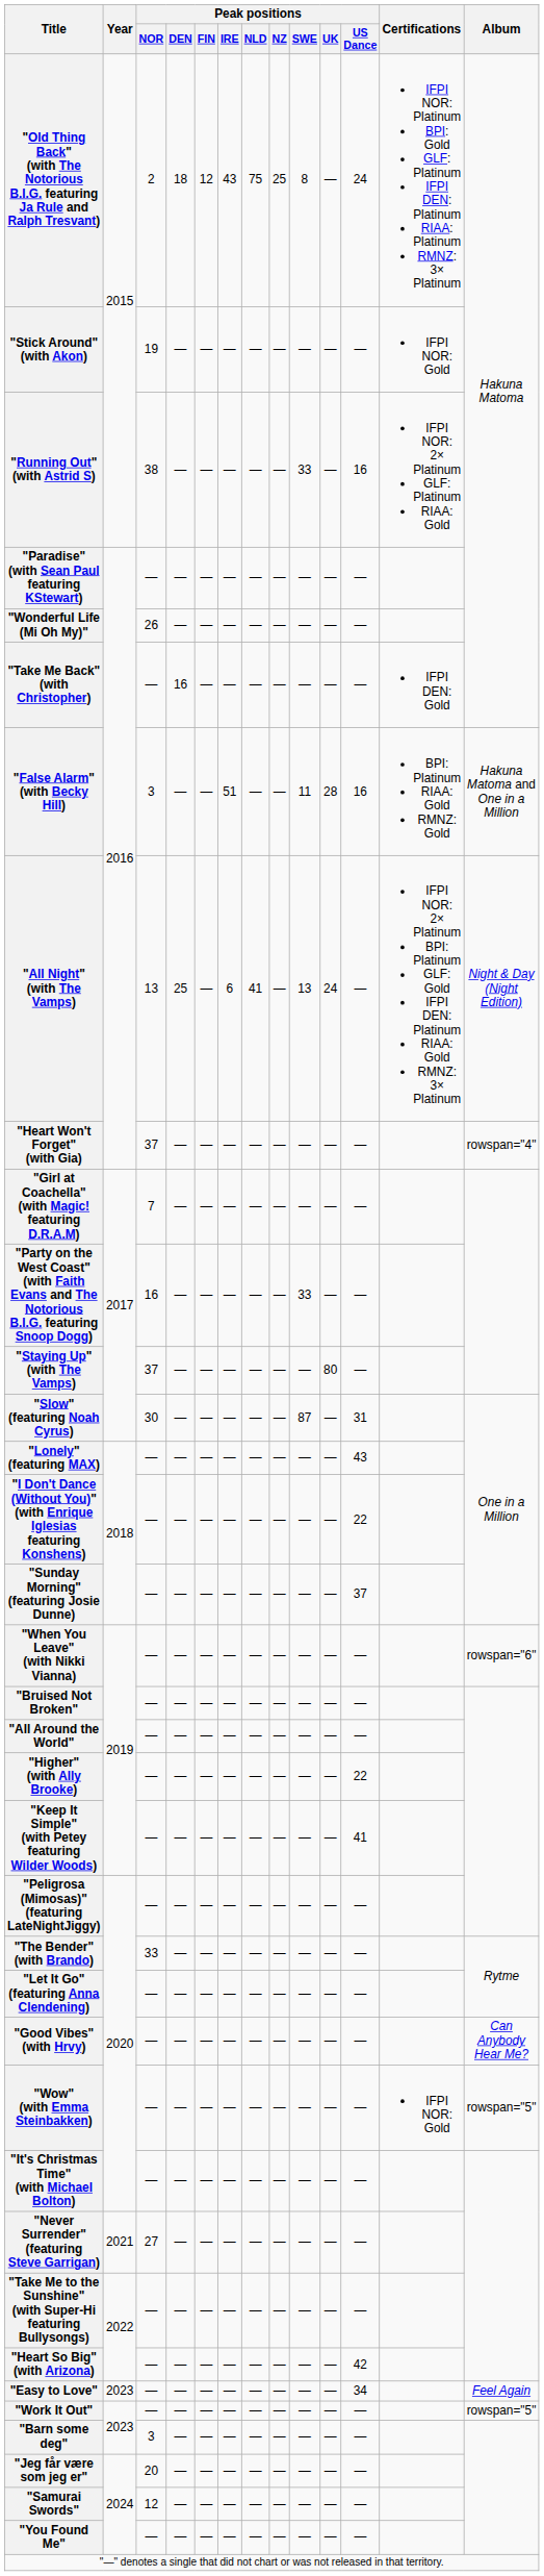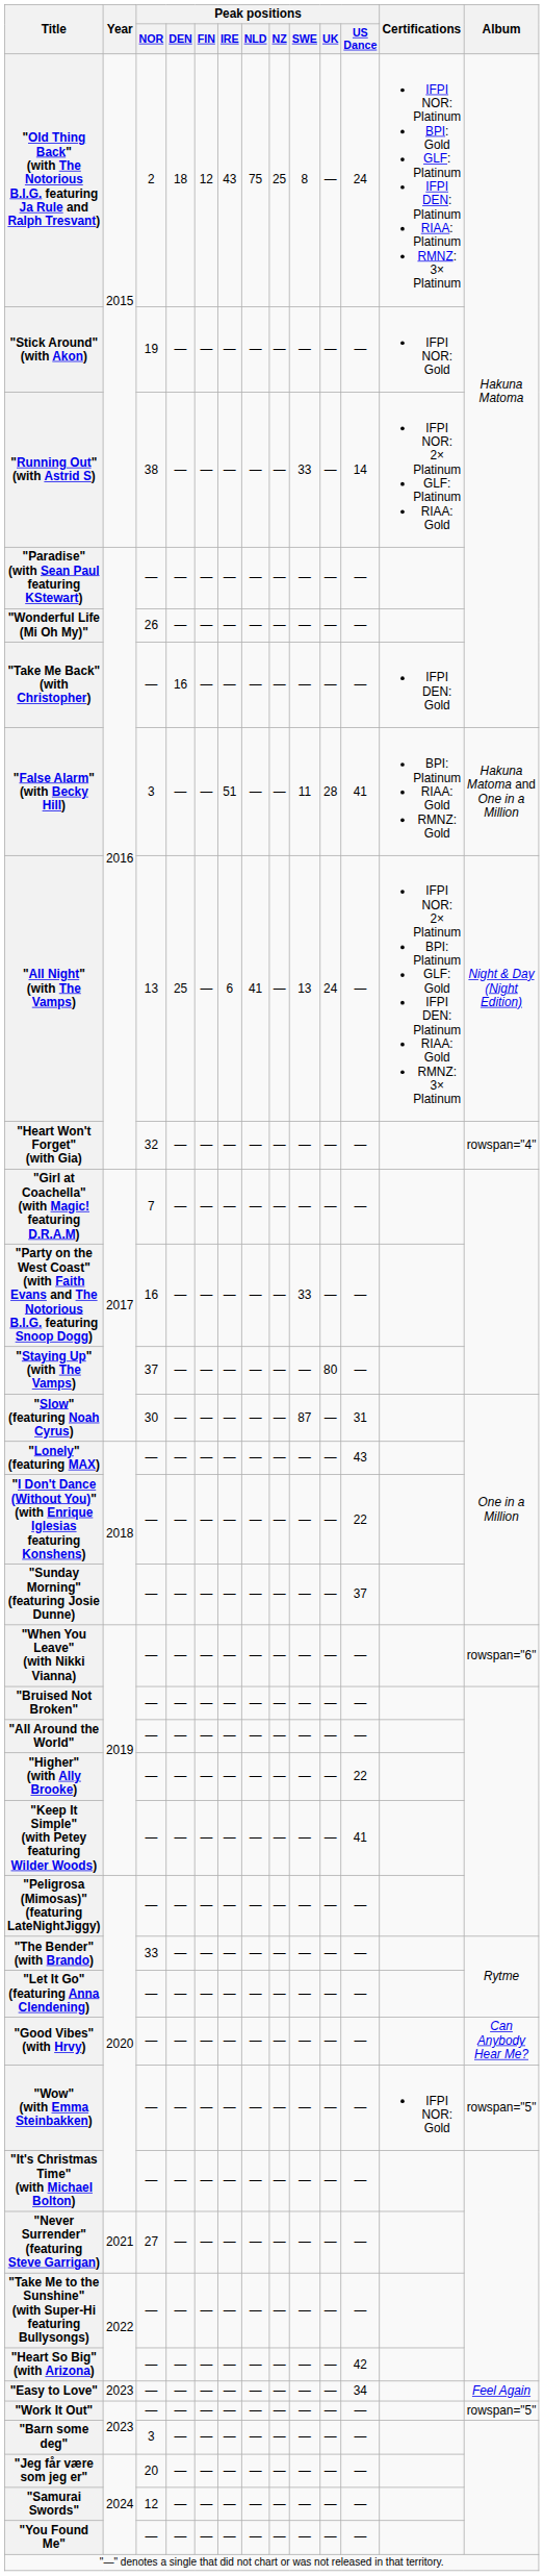 <table class="wikitable plainrowheaders" style="text-align:center;">
 <tr>
 <th rowspan="2">Title</th>
 <th rowspan="2">Year</th>
 <th colspan="9">Peak positions</th>
 <th rowspan="2" style="width:14em;">Certifications</th>
 <th rowspan="2">Album</th>
 </tr>
 <tr>
 <th scope="col" style="width:2.5em;font-size:90%;"><a href='#'>NOR</a><br></th>
 <th scope="col" style="width:2.5em;font-size:90%;"><a href='#'>DEN</a><br></th>
 <th scope="col" style="width:2.5em;font-size:90%;"><a href='#'>FIN</a><br></th>
 <th scope="col" style="width:2.5em;font-size:90%;"><a href='#'>IRE</a><br></th>
 <th scope="col" style="width:2.5em;font-size:90%;"><a href='#'>NLD</a><br></th>
 <th scope="col" style="width:2.5em;font-size:90%;"><a href='#'>NZ</a><br></th>
 <th scope="col" style="width:2.5em;font-size:90%;"><a href='#'>SWE</a><br></th>
 <th scope="col" style="width:2.5em;font-size:90%;"><a href='#'>UK</a><br></th>
 <th scope="col" style="width:2.5em;font-size:90%;"><a href='#'>US<br>Dance</a><br></th>
 </tr>
 <tr>
 <th scope="row">"<a href='#'>Old Thing Back</a>"<br><span>(with <a href='#'>The Notorious B.I.G.</a> featuring <a href='#'>Ja Rule</a> and <a href='#'>Ralph Tresvant</a>)</span></th>
 <td rowspan=3>2015</td>
 <td>2</td>
 <td>18</td>
 <td>12</td>
 <td>43</td>
 <td>75</td>
 <td>25</td>
 <td>8</td>
 <td>—</td>
 <td>24</td>
 <td><br><ul><li><a href='#'>IFPI</a> NOR: Platinum</li><li><a href='#'>BPI</a>: Gold</li><li><a href='#'>GLF</a>: Platinum</li><li><a href='#'>IFPI DEN</a>: Platinum</li><li><a href='#'>RIAA</a>: Platinum</li><li><a href='#'>RMNZ</a>: 3× Platinum</li></ul></td>
 <td rowspan="6"><em>Hakuna Matoma</em></td>
 </tr>
 <tr>
 <th scope="row">"Stick Around"<br><span>(with <a href='#'>Akon</a>)</span></th>
 <td>19</td>
 <td>—</td>
 <td>—</td>
 <td>—</td>
 <td>—</td>
 <td>—</td>
 <td>—</td>
 <td>—</td>
 <td>—</td>
 <td><br><ul><li>IFPI NOR: Gold</li></ul></td>
 </tr>
 <tr>
 <th scope="row">"<a href='#'>Running Out</a>"<br><span>(with <a href='#'>Astrid S</a>)</span></th>
 <td>38<br></td>
 <td>—</td>
 <td>—</td>
 <td>—</td>
 <td>—</td>
 <td>—</td>
 <td>33</td>
 <td>—</td>
-<td>16</td>
+<td>14</td>
 <td><br><ul><li>IFPI NOR: 2× Platinum</li><li>GLF: Platinum</li><li>RIAA: Gold</li></ul></td>
 </tr>
 <tr>
 <th scope="row">"Paradise"<br><span>(with <a href='#'>Sean Paul</a> featuring <a href='#'>KStewart</a>)</span></th>
 <td rowspan="6">2016</td>
 <td>—</td>
 <td>—</td>
 <td>—</td>
 <td>—</td>
 <td>—</td>
 <td>—</td>
 <td>—</td>
 <td>—</td>
 <td>—</td>
 <td></td>
 </tr>
 <tr>
 <th scope="row">"Wonderful Life (Mi Oh My)"</th>
 <td>26</td>
 <td>—</td>
 <td>—</td>
 <td>—</td>
 <td>—</td>
 <td>—</td>
 <td>—</td>
 <td>—</td>
 <td>—</td>
 <td></td>
 </tr>
 <tr>
 <th scope="row">"Take Me Back"<br><span>(with <a href='#'>Christopher</a>)</span></th>
 <td>—</td>
 <td>16</td>
 <td>—</td>
 <td>—</td>
 <td>—</td>
 <td>—</td>
 <td>—</td>
 <td>—</td>
 <td>—</td>
 <td><br><ul><li>IFPI DEN: Gold</li></ul></td>
 </tr>
 <tr>
 <th scope="row">"<a href='#'>False Alarm</a>"<br><span>(with <a href='#'>Becky Hill</a>)</span></th>
 <td>3</td>
 <td>—</td>
 <td>—</td>
 <td>51<br></td>
 <td>—</td>
 <td>—</td>
 <td>11</td>
 <td>28</td>
-<td>16</td>
+<td>41</td>
 <td><br><ul><li>BPI: Platinum</li><li>RIAA: Gold</li><li>RMNZ: Gold</li></ul></td>
 <td><em>Hakuna Matoma</em> and <em>One in a Million</em></td>
 </tr>
 <tr>
 <th scope="row">"<a href='#'>All Night</a>"<br><span>(with <a href='#'>The Vamps</a>)</span></th>
 <td>13<br></td>
 <td>25<br></td>
 <td>—</td>
 <td>6<br></td>
 <td>41</td>
 <td>—</td>
 <td>13</td>
 <td>24</td>
 <td>—</td>
 <td><br><ul><li>IFPI NOR: 2× Platinum</li><li>BPI: Platinum</li><li>GLF: Gold</li><li>IFPI DEN: Platinum</li><li>RIAA: Gold</li><li>RMNZ: 3× Platinum</li></ul></td>
 <td><em><a href='#'>Night & Day (Night Edition)</a></em></td>
 </tr>
 <tr>
 <th scope="row">"Heart Won't Forget"<br><span>(with Gia)</span></th>
-<td>37<br></td>
+<td>32</td>
 <td>—</td>
 <td>—</td>
 <td>—</td>
 <td>—</td>
 <td>—</td>
 <td>—</td>
 <td>—</td>
 <td>—</td>
 <td></td>
 <td>rowspan="4" </td>
 </tr>
 <tr>
 <th scope="row">"Girl at Coachella"<br><span>(with <a href='#'>Magic!</a> featuring <a href='#'>D.R.A.M</a>)</span></th>
 <td rowspan="4">2017</td>
 <td>7</td>
 <td>—</td>
 <td>—</td>
 <td>—</td>
 <td>—</td>
 <td>—</td>
 <td>—</td>
 <td>—</td>
 <td>—</td>
 <td></td>
 </tr>
 <tr>
 <th scope="row">"Party on the West Coast"<br><span>(with <a href='#'>Faith Evans</a> and <a href='#'>The Notorious B.I.G.</a> featuring <a href='#'>Snoop Dogg</a>)</span></th>
 <td>16<br></td>
 <td>—</td>
 <td>—</td>
 <td>—</td>
 <td>—</td>
 <td>—</td>
 <td>33</td>
 <td>—</td>
 <td>—</td>
 <td></td>
 </tr>
 <tr>
 <th scope="row">"<a href='#'>Staying Up</a>"<br><span>(with <a href='#'>The Vamps</a>)</span></th>
 <td>37<br></td>
 <td>—</td>
 <td>—</td>
 <td>—</td>
 <td>—</td>
 <td>—</td>
 <td>—</td>
 <td>80</td>
 <td>—</td>
 <td></td>
 </tr>
 <tr>
 <th scope="row">"<a href='#'>Slow</a>"<br><span>(featuring <a href='#'>Noah Cyrus</a>)</span></th>
 <td>30<br></td>
 <td>—</td>
 <td>—</td>
 <td>—</td>
 <td>—</td>
 <td>—</td>
 <td>87</td>
 <td>—</td>
 <td>31</td>
 <td></td>
 <td rowspan="4"><em>One in a Million</em></td>
 </tr>
 <tr>
 <th scope="row">"<a href='#'>Lonely</a>"<br><span>(featuring <a href='#'>MAX</a>)</span></th>
 <td rowspan="3">2018</td>
 <td>—</td>
 <td>—</td>
 <td>—</td>
 <td>—</td>
 <td>—</td>
 <td>—</td>
 <td>—</td>
 <td>—</td>
 <td>43</td>
 <td></td>
 </tr>
 <tr>
 <th scope="row">"<a href='#'>I Don't Dance (Without You)</a>" <br><span>(with <a href='#'>Enrique Iglesias</a> featuring <a href='#'>Konshens</a>)</span></th>
 <td>—</td>
 <td>—</td>
 <td>—</td>
 <td>—</td>
 <td>—</td>
 <td>—</td>
 <td>—</td>
 <td>—</td>
 <td>22</td>
 <td></td>
 </tr>
 <tr>
 <th scope="row">"Sunday Morning" <br><span>(featuring Josie Dunne)</span></th>
 <td>—</td>
 <td>—</td>
 <td>—</td>
 <td>—</td>
 <td>—</td>
 <td>—</td>
 <td>—</td>
 <td>—</td>
 <td>37</td>
 <td></td>
 </tr>
 <tr>
 <th scope="row">"When You Leave" <br><span>(with Nikki Vianna)</span></th>
 <td rowspan="5">2019</td>
 <td>—</td>
 <td>—</td>
 <td>—</td>
 <td>—</td>
 <td>—</td>
 <td>—</td>
 <td>—</td>
 <td>—</td>
 <td>—</td>
 <td></td>
 <td>rowspan="6" </td>
 </tr>
 <tr>
 <th scope="row">"Bruised Not Broken" <br></th>
 <td>—</td>
 <td>—</td>
 <td>—</td>
 <td>—</td>
 <td>—</td>
 <td>—</td>
 <td>—</td>
 <td>—</td>
 <td>—</td>
 <td></td>
 </tr>
 <tr>
 <th scope="row">"All Around the World" <br></th>
 <td>—</td>
 <td>—</td>
 <td>—</td>
 <td>—</td>
 <td>—</td>
 <td>—</td>
 <td>—</td>
 <td>—</td>
 <td>—</td>
 <td></td>
 </tr>
 <tr>
 <th scope="row">"Higher"<br><span>(with <a href='#'>Ally Brooke</a>)</span></th>
 <td>—</td>
 <td>—</td>
 <td>—</td>
 <td>—</td>
 <td>—</td>
 <td>—</td>
 <td>—</td>
 <td>—</td>
 <td>22</td>
 <td></td>
 </tr>
 <tr>
 <th scope="row">"Keep It Simple" <br><span>(with Petey featuring <a href='#'>Wilder Woods</a>)</span></th>
 <td>—</td>
 <td>—</td>
 <td>—</td>
 <td>—</td>
 <td>—</td>
 <td>—</td>
 <td>—</td>
 <td>—</td>
 <td>41</td>
 <td></td>
 </tr>
 <tr>
 <th scope="row">"Peligrosa (Mimosas)" <br><span>(featuring LateNightJiggy)</span></th>
 <td rowspan="6">2020</td>
 <td>—</td>
 <td>—</td>
 <td>—</td>
 <td>—</td>
 <td>—</td>
 <td>—</td>
 <td>—</td>
 <td>—</td>
 <td>—</td>
 <td></td>
 </tr>
 <tr>
 <th scope="row">"The Bender" <br><span>(with <a href='#'>Brando</a>)</span></th>
 <td>33<br></td>
 <td>—</td>
 <td>—</td>
 <td>—</td>
 <td>—</td>
 <td>—</td>
 <td>—</td>
 <td>—</td>
 <td>—</td>
 <td></td>
 <td rowspan="2"><em>Rytme</em></td>
 </tr>
 <tr>
 <th scope="row">"Let It Go"<br><span>(featuring <a href='#'>Anna Clendening</a>)</span></th>
 <td>—</td>
 <td>—</td>
 <td>—</td>
 <td>—</td>
 <td>—</td>
 <td>—</td>
 <td>—</td>
 <td>—</td>
 <td>—</td>
 <td></td>
 </tr>
 <tr>
 <th scope="row">"Good Vibes"<br><span>(with <a href='#'>Hrvy</a>)</span></th>
 <td>—</td>
 <td>—</td>
 <td>—</td>
 <td>—</td>
 <td>—</td>
 <td>—</td>
 <td>—</td>
 <td>—</td>
 <td>—</td>
 <td></td>
 <td><em><a href='#'>Can Anybody Hear Me?</a></em></td>
 </tr>
 <tr>
 <th scope="row">"Wow" <br><span>(with <a href='#'>Emma Steinbakken</a>)</span></th>
 <td>—</td>
 <td>—</td>
 <td>—</td>
 <td>—</td>
 <td>—</td>
 <td>—</td>
 <td>—</td>
 <td>—</td>
 <td>—</td>
 <td><br><ul><li>IFPI NOR: Gold</li></ul></td>
 <td>rowspan="5" </td>
 </tr>
 <tr>
 <th scope="row">"It's Christmas Time" <br><span>(with <a href='#'>Michael Bolton</a>)</span></th>
 <td>—</td>
 <td>—</td>
 <td>—</td>
 <td>—</td>
 <td>—</td>
 <td>—</td>
 <td>—</td>
 <td>—</td>
 <td>—</td>
 <td></td>
 </tr>
 <tr>
 <th scope="row">"Never Surrender" <br><span>(featuring <a href='#'>Steve Garrigan</a>)</span></th>
 <td>2021</td>
 <td>27<br></td>
 <td>—</td>
 <td>—</td>
 <td>—</td>
 <td>—</td>
 <td>—</td>
 <td>—</td>
 <td>—</td>
 <td>—</td>
 <td></td>
 </tr>
 <tr>
 <th scope="row">"Take Me to the Sunshine" <br><span>(with Super-Hi featuring Bullysongs)</span></th>
 <td rowspan="2">2022</td>
 <td>—</td>
 <td>—</td>
 <td>—</td>
 <td>—</td>
 <td>—</td>
 <td>—</td>
 <td>—</td>
 <td>—</td>
 <td>—</td>
 <td></td>
 </tr>
 <tr>
 <th scope="row">"Heart So Big" <br><span>(with <a href='#'>Arizona</a>)</span></th>
 <td>—</td>
 <td>—</td>
 <td>—</td>
 <td>—</td>
 <td>—</td>
 <td>—</td>
 <td>—</td>
 <td>—</td>
 <td>42</td>
 <td></td>
 </tr>
 <tr>
 <th scope="row">"Easy to Love"<br></th>
 <td>2023</td>
 <td>—</td>
 <td>—</td>
 <td>—</td>
 <td>—</td>
 <td>—</td>
 <td>—</td>
 <td>—</td>
 <td>—</td>
 <td>34</td>
 <td></td>
 <td><em><a href='#'>Feel Again</a></em></td>
 </tr>
 <tr>
 <th scope="row">"Work It Out"<br></th>
 <td rowspan="2">2023</td>
 <td>—</td>
 <td>—</td>
 <td>—</td>
 <td>—</td>
 <td>—</td>
 <td>—</td>
 <td>—</td>
 <td>—</td>
 <td>—</td>
 <td></td>
 <td>rowspan="5" </td>
 </tr>
 <tr>
 <th scope="row">"Barn some deg"<br></th>
 <td>3<br></td>
 <td>—</td>
 <td>—</td>
 <td>—</td>
 <td>—</td>
 <td>—</td>
 <td>—</td>
 <td>—</td>
 <td>—</td>
 <td></td>
 </tr>
 <tr>
 <th scope="row">"Jeg får være som jeg er"<br></th>
 <td rowspan="3">2024</td>
 <td>20<br></td>
 <td>—</td>
 <td>—</td>
 <td>—</td>
 <td>—</td>
 <td>—</td>
 <td>—</td>
 <td>—</td>
 <td>—</td>
 <td></td>
 </tr>
 <tr>
 <th scope="row">"Samurai Swords"<br></th>
 <td>12<br></td>
 <td>—</td>
 <td>—</td>
 <td>—</td>
 <td>—</td>
 <td>—</td>
 <td>—</td>
 <td>—</td>
 <td>—</td>
 <td></td>
 </tr>
 <tr>
 <th scope="row">"You Found Me"<br></th>
 <td>—</td>
 <td>—</td>
 <td>—</td>
 <td>—</td>
 <td>—</td>
 <td>—</td>
 <td>—</td>
 <td>—</td>
 <td>—</td>
 <td></td>
 </tr>
 <tr>
 <td colspan="13" style="font-size:85%">"—" denotes a single that did not chart or was not released in that territory.</td>
 </tr>
 </table>
